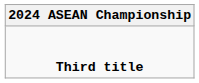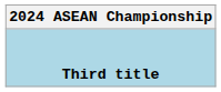 <table class="wikitable" style="text-align:center; margin:auto;">
 <tr>
 <th>2024 ASEAN Championship</th>
 </tr>
 <tr>
-<td><br><br><strong>Third title</strong></td>
+<td style="background: lightblue;"><br><br><strong>Third title</strong></td>
 </tr>
 </table>
